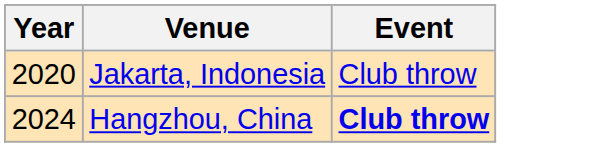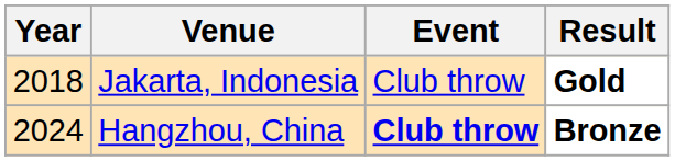 <table class="sortable wikitable" style="font-size: 95%;">
 <tr>
 <th>Year</th>
 <th>Venue</th>
 <th>Event</th>
+<th>Result</th>
 </tr>
 <tr style="background:#FFE4B5">
-<td align="center">2020</td>
+<td align="center">2018</td>
 <td align="left"><a href='#'>Jakarta, Indonesia</a></td>
 <td align="left"><a href='#'>Club throw</a></td>
+<td style="text-align:left; background:white"><strong>Gold</strong></td>
 </tr>
 <tr style="background:#FFE4B5">
 <td align="center">2024</td>
 <td align="left"><a href='#'>Hangzhou, China</a></td>
 <td align="left"><strong><a href='#'>Club throw</a></strong></td>
+<td style="text-align:Left; background:white"><strong>Bronze</strong></td>
 </tr>
 </table>
